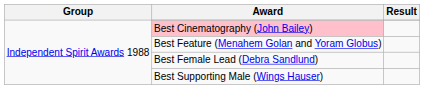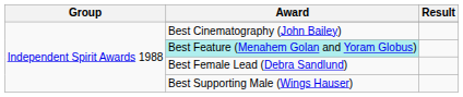 <table class="wikitable">
 <tr>
 <th>Group</th>
 <th>Award</th>
 <th>Result</th>
 </tr>
 <tr>
 <td rowspan="5"><a href='#'>Independent Spirit Awards</a> 1988</td>
 </tr>
 <tr>
-<td style="background: pink;">Best Cinematography (<a href='#'>John Bailey</a>)</td>
+<td>Best Cinematography (<a href='#'>John Bailey</a>)</td>
 <td></td>
 </tr>
 <tr>
-<td>Best Feature (<a href='#'>Menahem Golan</a> and <a href='#'>Yoram Globus</a>)</td>
+<td style="background: paleturquoise;">Best Feature (<a href='#'>Menahem Golan</a> and <a href='#'>Yoram Globus</a>)</td>
 <td></td>
 </tr>
 <tr>
 <td>Best Female Lead (<a href='#'>Debra Sandlund</a>)</td>
 <td></td>
 </tr>
 <tr>
 <td>Best Supporting Male (<a href='#'>Wings Hauser</a>)</td>
 <td></td>
 </tr>
 </table>
